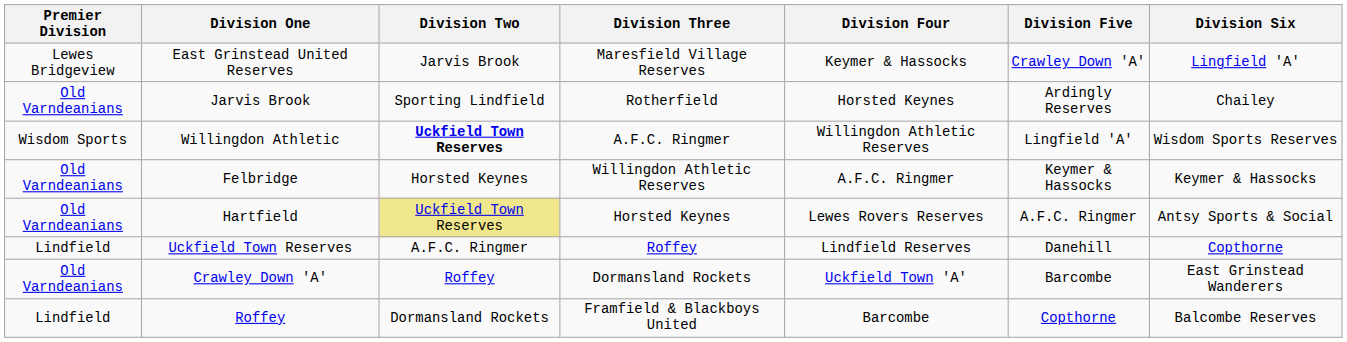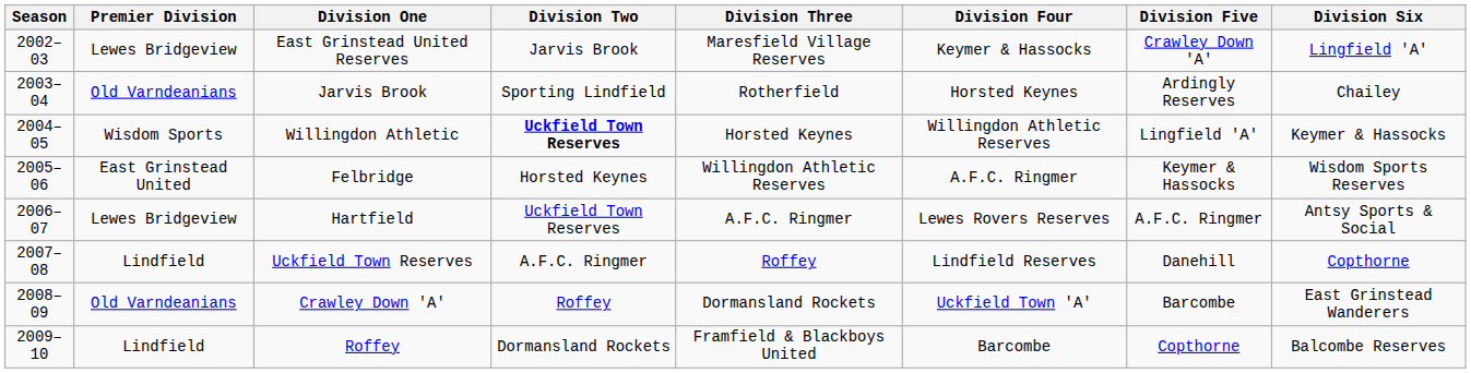 <table class="wikitable" style="text-align: center">
 <tr>
+<th>Season</th>
 <th>Premier Division</th>
 <th>Division One</th>
 <th>Division Two</th>
 <th>Division Three</th>
 <th>Division Four</th>
 <th>Division Five</th>
 <th>Division Six</th>
 </tr>
 <tr>
+<td>2002–03</td>
 <td>Lewes Bridgeview</td>
 <td>East Grinstead United Reserves</td>
 <td>Jarvis Brook</td>
 <td>Maresfield Village Reserves</td>
 <td>Keymer & Hassocks</td>
 <td><a href='#'>Crawley Down</a> 'A'</td>
 <td><a href='#'>Lingfield</a> 'A'</td>
 </tr>
 <tr>
+<td>2003–04</td>
 <td><a href='#'>Old Varndeanians</a></td>
 <td>Jarvis Brook</td>
 <td>Sporting Lindfield</td>
 <td>Rotherfield</td>
 <td>Horsted Keynes</td>
 <td>Ardingly Reserves</td>
 <td>Chailey</td>
 </tr>
 <tr>
+<td>2004–05</td>
 <td>Wisdom Sports</td>
 <td>Willingdon Athletic</td>
 <td><strong><a href='#'>Uckfield Town</a> Reserves</strong></td>
-<td>A.F.C. Ringmer</td>
+<td>Horsted Keynes</td>
 <td>Willingdon Athletic Reserves</td>
 <td>Lingfield 'A'</td>
-<td>Wisdom Sports Reserves</td>
+<td>Keymer & Hassocks</td>
 </tr>
 <tr>
-<td><a href='#'>Old Varndeanians</a></td>
+<td>2005–06</td>
+<td>East Grinstead United</td>
 <td>Felbridge</td>
 <td>Horsted Keynes</td>
 <td>Willingdon Athletic Reserves</td>
 <td>A.F.C. Ringmer</td>
 <td>Keymer & Hassocks</td>
-<td>Keymer & Hassocks</td>
+<td>Wisdom Sports Reserves</td>
 </tr>
 <tr>
-<td><a href='#'>Old Varndeanians</a></td>
+<td>2006–07</td>
+<td>Lewes Bridgeview</td>
 <td>Hartfield</td>
-<td style="background: khaki;"><a href='#'>Uckfield Town</a> Reserves</td>
-<td>Horsted Keynes</td>
+<td><a href='#'>Uckfield Town</a> Reserves</td>
+<td>A.F.C. Ringmer</td>
 <td>Lewes Rovers Reserves</td>
 <td>A.F.C. Ringmer</td>
 <td>Antsy Sports & Social</td>
 </tr>
 <tr>
+<td>2007–08</td>
 <td>Lindfield</td>
 <td><a href='#'>Uckfield Town</a> Reserves</td>
 <td>A.F.C. Ringmer</td>
 <td><a href='#'>Roffey</a></td>
 <td>Lindfield Reserves</td>
 <td>Danehill</td>
 <td><a href='#'>Copthorne</a></td>
 </tr>
 <tr>
+<td>2008–09</td>
 <td><a href='#'>Old Varndeanians</a></td>
 <td><a href='#'>Crawley Down</a> 'A'</td>
 <td><a href='#'>Roffey</a></td>
 <td>Dormansland Rockets</td>
 <td><a href='#'>Uckfield Town</a> 'A'</td>
 <td>Barcombe</td>
 <td>East Grinstead Wanderers</td>
 </tr>
 <tr>
+<td>2009–10</td>
 <td>Lindfield</td>
 <td><a href='#'>Roffey</a></td>
 <td>Dormansland Rockets</td>
 <td>Framfield & Blackboys United</td>
 <td>Barcombe</td>
 <td><a href='#'>Copthorne</a></td>
 <td>Balcombe Reserves</td>
 </tr>
 </table>
